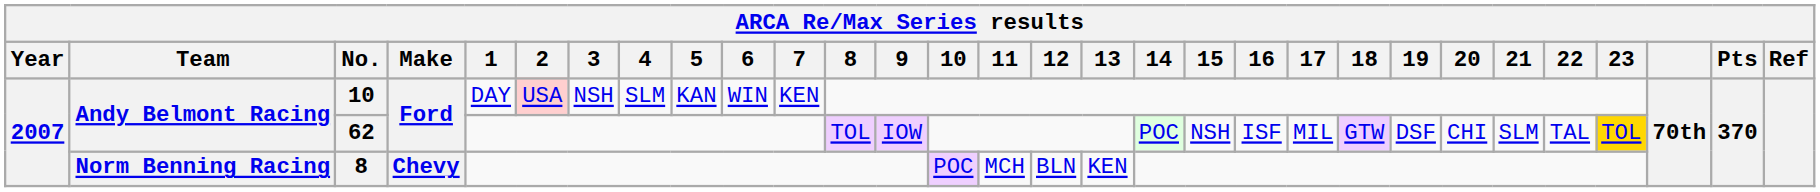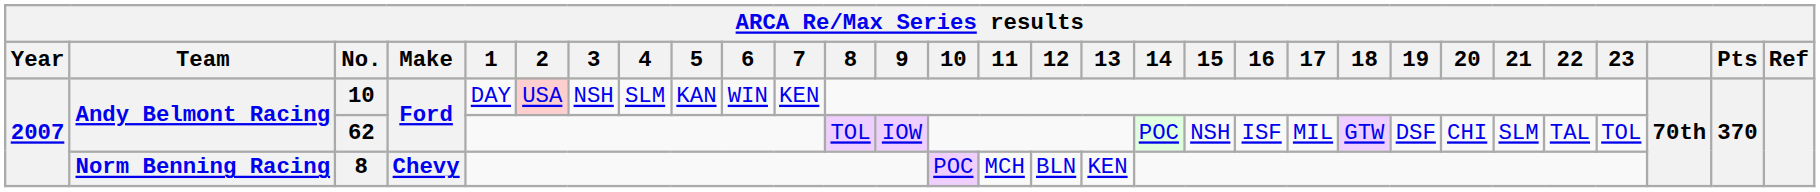 <table class="wikitable" style="text-align:center; font-size:75%">
 <tr>
 <th colspan=30><a href='#'>ARCA Re/Max Series</a> results</th>
 </tr>
 <tr>
 <th>Year</th>
 <th>Team</th>
 <th>No.</th>
 <th>Make</th>
 <th>1</th>
 <th>2</th>
 <th>3</th>
 <th>4</th>
 <th>5</th>
 <th>6</th>
 <th>7</th>
 <th>8</th>
 <th>9</th>
 <th>10</th>
 <th>11</th>
 <th>12</th>
 <th>13</th>
 <th>14</th>
 <th>15</th>
 <th>16</th>
 <th>17</th>
 <th>18</th>
 <th>19</th>
 <th>20</th>
 <th>21</th>
 <th>22</th>
 <th>23</th>
 <th></th>
 <th>Pts</th>
 <th>Ref</th>
 </tr>
 <tr>
 <th rowspan=3><a href='#'>2007</a></th>
 <th rowspan=2><a href='#'>Andy Belmont Racing</a></th>
 <th>10</th>
 <th rowspan=2><a href='#'>Ford</a></th>
 <td><a href='#'>DAY</a></td>
 <td style="background:#FFCFCF;"><a href='#'>USA</a><br></td>
 <td><a href='#'>NSH</a></td>
 <td><a href='#'>SLM</a></td>
 <td><a href='#'>KAN</a></td>
 <td><a href='#'>WIN</a></td>
 <td><a href='#'>KEN</a></td>
 <td colspan=16></td>
 <th rowspan=3>70th</th>
 <th rowspan=3>370</th>
 <th rowspan=3></th>
 </tr>
 <tr>
 <th>62</th>
 <td colspan=7></td>
 <td style="background:#EFCFFF;"><a href='#'>TOL</a><br></td>
 <td style="background:#EFCFFF;"><a href='#'>IOW</a><br></td>
 <td colspan=4></td>
 <td style="background:#DFFFDF;"><a href='#'>POC</a><br></td>
 <td><a href='#'>NSH</a></td>
 <td><a href='#'>ISF</a></td>
 <td><a href='#'>MIL</a></td>
 <td style="background:#EFCFFF;"><a href='#'>GTW</a><br></td>
 <td><a href='#'>DSF</a></td>
 <td><a href='#'>CHI</a></td>
 <td><a href='#'>SLM</a></td>
 <td><a href='#'>TAL</a></td>
-<td style="background: gold;"><a href='#'>TOL</a></td>
+<td><a href='#'>TOL</a></td>
 </tr>
 <tr>
 <th><a href='#'>Norm Benning Racing</a></th>
 <th>8</th>
 <th><a href='#'>Chevy</a></th>
 <td colspan=9></td>
 <td style="background:#EFCFFF;"><a href='#'>POC</a><br></td>
 <td><a href='#'>MCH</a></td>
 <td><a href='#'>BLN</a></td>
 <td><a href='#'>KEN</a></td>
 <td colspan=10></td>
 </tr>
 </table>
